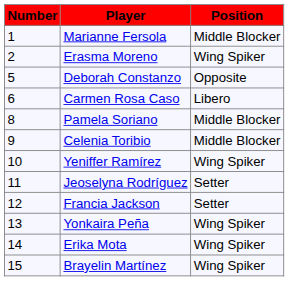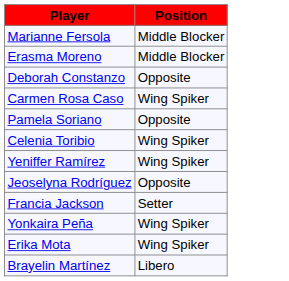 <table bgcolor="#f7f8ff" cellpadding="3" cellspacing="0" border="1" style="font-size: 95%; border: gray solid 1px; border-collapse: collapse;">
 <tr bgcolor="#ff0000">
-<td align=center><strong>Number</strong></td>
 <td align=center><strong>Player</strong></td>
 <td align=center><strong>Position</strong></td>
 </tr>
 <tr align="left">
-<td>1</td>
 <td> <a href='#'>Marianne Fersola</a></td>
 <td>Middle Blocker</td>
 </tr>
 <tr align=left>
-<td>2</td>
 <td> <a href='#'>Erasma Moreno</a></td>
-<td>Wing Spiker</td>
+<td>Middle Blocker</td>
 </tr>
 <tr align="left">
-<td>5</td>
 <td> <a href='#'>Deborah Constanzo</a></td>
 <td>Opposite</td>
 </tr>
 <tr align="left">
-<td>6</td>
 <td> <a href='#'>Carmen Rosa Caso</a></td>
-<td>Libero</td>
+<td>Wing Spiker</td>
 </tr>
 <tr align="left">
-<td>8</td>
 <td> <a href='#'>Pamela Soriano</a></td>
-<td>Middle Blocker</td>
+<td>Opposite</td>
 </tr>
 <tr align="left">
-<td>9</td>
 <td> <a href='#'>Celenia Toribio</a></td>
-<td>Middle Blocker</td>
+<td>Wing Spiker</td>
 </tr>
 <tr align="left">
-<td>10</td>
 <td> <a href='#'>Yeniffer Ramírez</a></td>
 <td>Wing Spiker</td>
 </tr>
 <tr align="left">
-<td>11</td>
 <td> <a href='#'>Jeoselyna Rodríguez</a></td>
-<td>Setter</td>
+<td>Opposite</td>
 </tr>
 <tr align="left">
-<td>12</td>
 <td> <a href='#'>Francia Jackson</a></td>
 <td>Setter</td>
 </tr>
 <tr align="left">
-<td>13</td>
 <td> <a href='#'>Yonkaira Peña</a></td>
 <td>Wing Spiker</td>
 </tr>
 <tr align="left">
-<td>14</td>
 <td> <a href='#'>Erika Mota</a></td>
 <td>Wing Spiker</td>
 </tr>
 <tr align="left">
-<td>15</td>
 <td> <a href='#'>Brayelin Martínez</a></td>
-<td>Wing Spiker</td>
+<td>Libero</td>
 </tr>
 </table>
